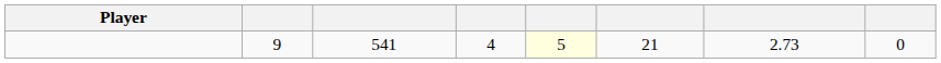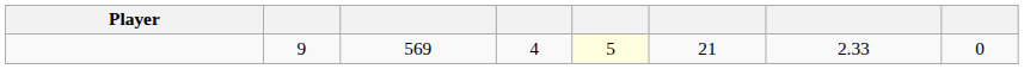 <table class="wikitable sortable" style="width:100%;">
 <tr style="text-align:center; background:#ddd;">
 <th>Player</th>
 <th></th>
 <th></th>
 <th></th>
 <th></th>
 <th></th>
 <th></th>
 <th></th>
 </tr>
 <tr align=center>
 <td></td>
 <td>9</td>
-<td>541</td>
+<td>569</td>
 <td>4</td>
 <td style="background: lightyellow;">5</td>
 <td>21</td>
-<td>2.73</td>
+<td>2.33</td>
 <td>0</td>
 </tr>
 </table>
